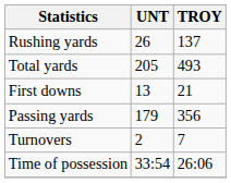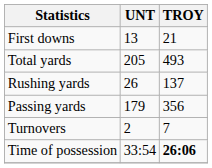 <table class="wikitable">
 <tr>
 <th>Statistics</th>
 <th>UNT</th>
 <th>TROY</th>
 </tr>
 <tr>
-<td>Rushing yards</td>
-<td>26</td>
-<td>137</td>
+<td>First downs</td>
+<td>13</td>
+<td>21</td>
 </tr>
 <tr>
 <td>Total yards</td>
 <td>205</td>
 <td>493</td>
 </tr>
 <tr>
-<td>First downs</td>
-<td>13</td>
-<td>21</td>
+<td>Rushing yards</td>
+<td>26</td>
+<td>137</td>
 </tr>
 <tr>
 <td>Passing yards</td>
 <td>179</td>
 <td>356</td>
 </tr>
 <tr>
 <td>Turnovers</td>
 <td>2</td>
 <td>7</td>
 </tr>
 <tr>
 <td>Time of possession</td>
 <td>33:54</td>
-<td>26:06</td>
+<td><strong>26:06</strong></td>
 </tr>
 <tr>
 </tr>
 </table>
